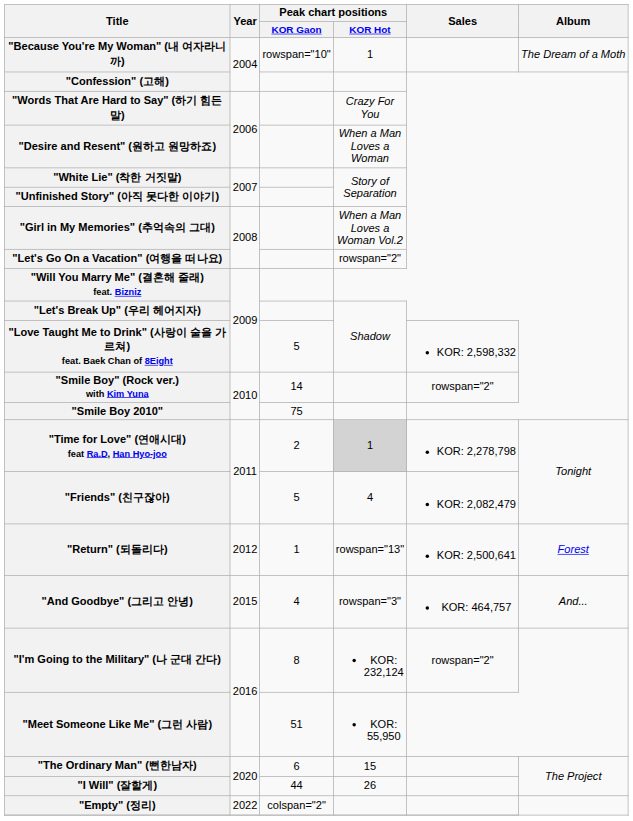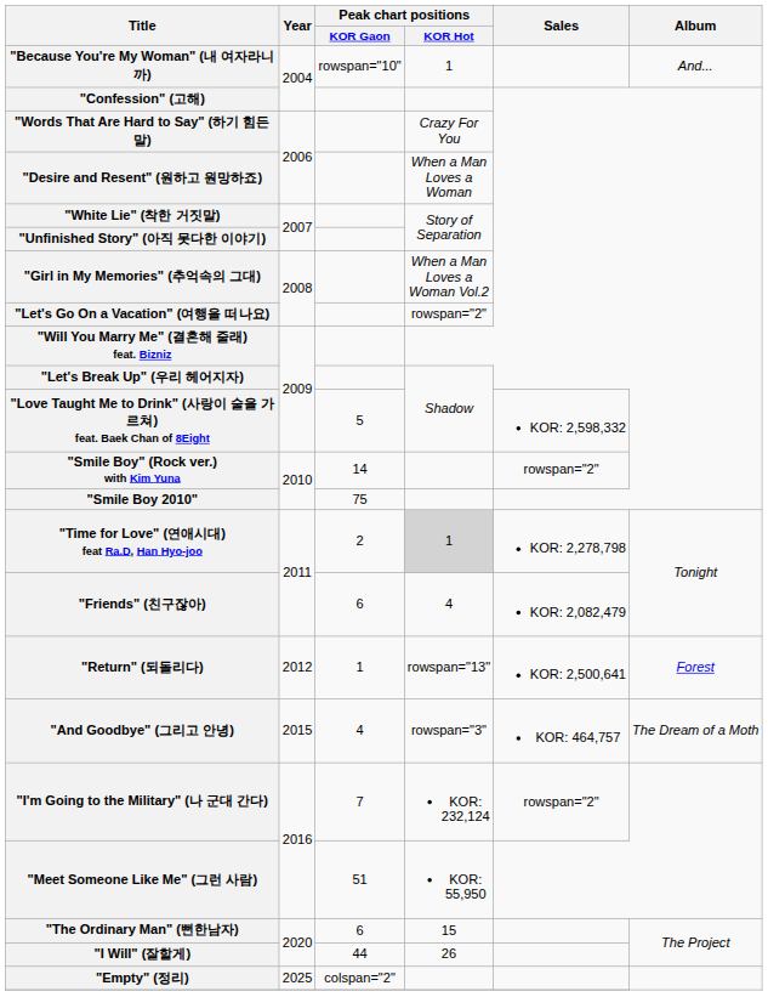 <table class="wikitable plainrowheaders" style="text-align:center;">
 <tr>
 <th scope="col" rowspan="2" style="width:20em;">Title</th>
 <th scope="col" rowspan="2">Year</th>
 <th scope="col" colspan="2" style="width:5em;">Peak chart positions</th>
 <th rowspan="2">Sales</th>
 <th scope="col" rowspan="2">Album</th>
 </tr>
 <tr>
 <th scope="col" style="width:3em;font-size:90%;"><a href='#'>KOR Gaon</a><br></th>
 <th scope="col" style="width:3em;font-size:90%;"><a href='#'>KOR Hot</a><br></th>
 </tr>
 <tr>
 <th scope="row">"Because You're My Woman" (내 여자라니까)</th>
 <td rowspan="2">2004</td>
 <td>rowspan="10" </td>
 <td>1</td>
 <td></td>
-<td><em>The Dream of a Moth</em></td>
+<td><em>And...</em></td>
 </tr>
 <tr>
 <th scope="row">"Confession" (고해)</th>
 <td></td>
 <td></td>
 </tr>
 <tr>
 <th scope="row">"Words That Are Hard to Say" (하기 힘든 말)</th>
 <td rowspan="2">2006</td>
 <td></td>
 <td><em>Crazy For You</em></td>
 </tr>
 <tr>
 <th scope="row">"Desire and Resent" (원하고 원망하죠)</th>
 <td></td>
 <td><em>When a Man Loves a Woman</em></td>
 </tr>
 <tr>
 <th scope="row">"White Lie" (착한 거짓말)</th>
 <td rowspan="2">2007</td>
 <td></td>
 <td rowspan="2"><em>Story of Separation</em></td>
 </tr>
 <tr>
 <th scope="row">"Unfinished Story" (아직 못다한 이야기)</th>
 <td></td>
 </tr>
 <tr>
 <th scope="row">"Girl in My Memories" (추억속의 그대)</th>
 <td rowspan="2">2008</td>
 <td></td>
 <td><em>When a Man Loves a Woman Vol.2</em></td>
 </tr>
 <tr>
 <th scope="row">"Let's Go On a Vacation" (여행을 떠나요)</th>
 <td></td>
 <td>rowspan="2" </td>
 </tr>
 <tr>
 <th scope="row">"Will You Marry Me" (결혼해 줄래)<br><small>feat. <a href='#'>Bizniz</a></small></th>
 <td rowspan="3">2009</td>
 <td></td>
 </tr>
 <tr>
 <th scope="row">"Let's Break Up" (우리 헤어지자)</th>
 <td></td>
 <td rowspan="2"><em>Shadow</em></td>
 </tr>
 <tr>
 <th scope="row">"Love Taught Me to Drink" (사랑이 술을 가르쳐)<br><small>feat. Baek Chan of <a href='#'>8Eight</a></small></th>
 <td>5</td>
 <td><br><ul><li>KOR: 2,598,332</li></ul></td>
 </tr>
 <tr>
 <th scope="row">"Smile Boy" (Rock ver.)<br><small>with <a href='#'>Kim Yuna</a></small></th>
 <td rowspan="2">2010</td>
 <td>14</td>
 <td></td>
 <td>rowspan="2" </td>
 </tr>
 <tr>
 <th scope="row">"Smile Boy 2010"</th>
 <td>75</td>
 <td></td>
 </tr>
 <tr>
 <th scope="row">"Time for Love" (연애시대)<br><small>feat <a href='#'>Ra.D</a>, <a href='#'>Han Hyo-joo</a></small></th>
 <td rowspan="2">2011</td>
 <td>2</td>
 <td style="background: lightgrey;">1</td>
 <td><br><ul><li>KOR: 2,278,798</li></ul></td>
 <td rowspan="2"><em>Tonight</em></td>
 </tr>
 <tr>
 <th scope="row">"Friends" (친구잖아)</th>
-<td>5</td>
+<td>6</td>
 <td>4</td>
 <td><br><ul><li>KOR: 2,082,479</li></ul></td>
 </tr>
 <tr>
 <th scope="row">"Return" (되돌리다)</th>
 <td>2012</td>
 <td>1</td>
 <td>rowspan="13" </td>
 <td><br><ul><li>KOR: 2,500,641</li></ul></td>
 <td><em><a href='#'>Forest</a></em></td>
 </tr>
 <tr>
 <th scope="row">"And Goodbye" (그리고 안녕)</th>
 <td>2015</td>
 <td>4</td>
 <td>rowspan="3" </td>
 <td><br><ul><li>KOR: 464,757</li></ul></td>
-<td><em>And...</em></td>
+<td><em>The Dream of a Moth</em></td>
 </tr>
 <tr>
 <th scope="row">"I'm Going to the Military" (나 군대 간다)</th>
 <td rowspan="2">2016</td>
-<td>8</td>
+<td>7</td>
 <td><br><ul><li>KOR: 232,124</li></ul></td>
 <td>rowspan="2" </td>
 </tr>
 <tr>
 <th scope="row">"Meet Someone Like Me" (그런 사람)</th>
 <td>51</td>
 <td><br><ul><li>KOR: 55,950</li></ul></td>
 </tr>
 <tr>
 <th scope="row">"The Ordinary Man" (뻔한남자)</th>
 <td rowspan="2">2020</td>
 <td>6</td>
 <td>15</td>
 <td></td>
 <td rowspan="2"><em>The Project</em></td>
 </tr>
 <tr>
 <th scope="row">"I Will" (잘할게)</th>
 <td>44</td>
 <td>26</td>
 <td></td>
 </tr>
 <tr>
 <th scope="row">"Empty" (정리)</th>
-<td>2022</td>
+<td>2025</td>
 <td>colspan="2" </td>
 <td></td>
 <td></td>
 </tr>
 <tr>
 </tr>
 </table>
